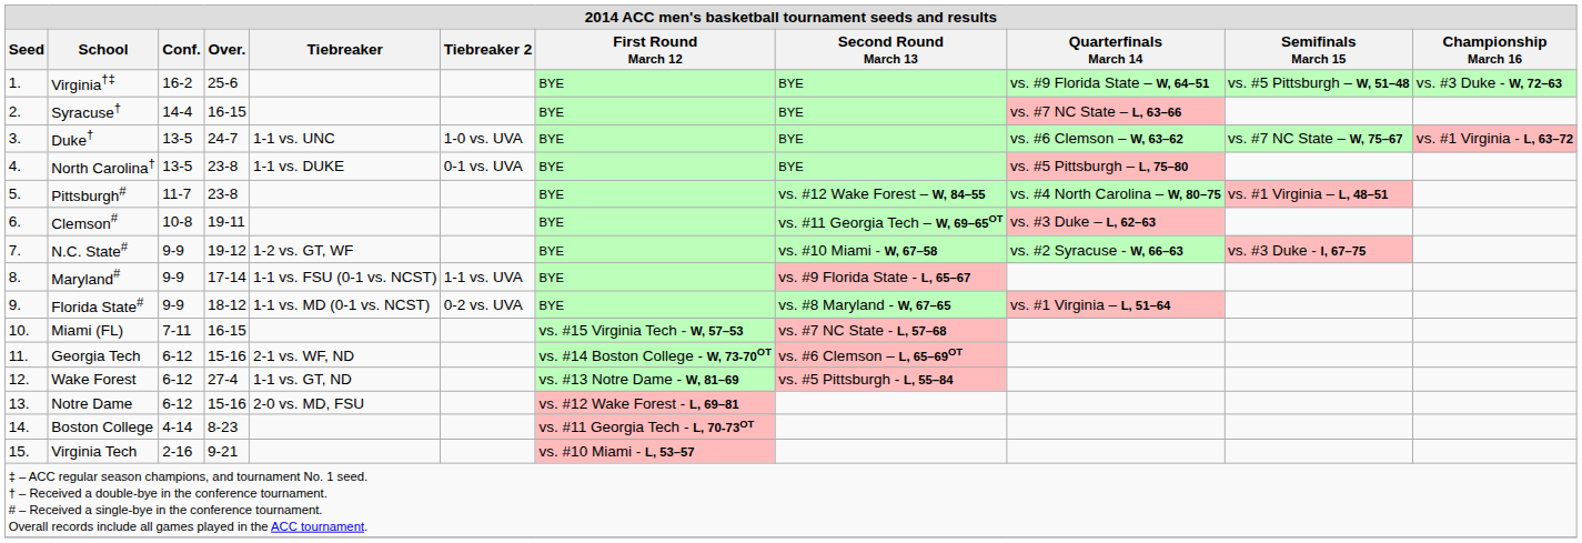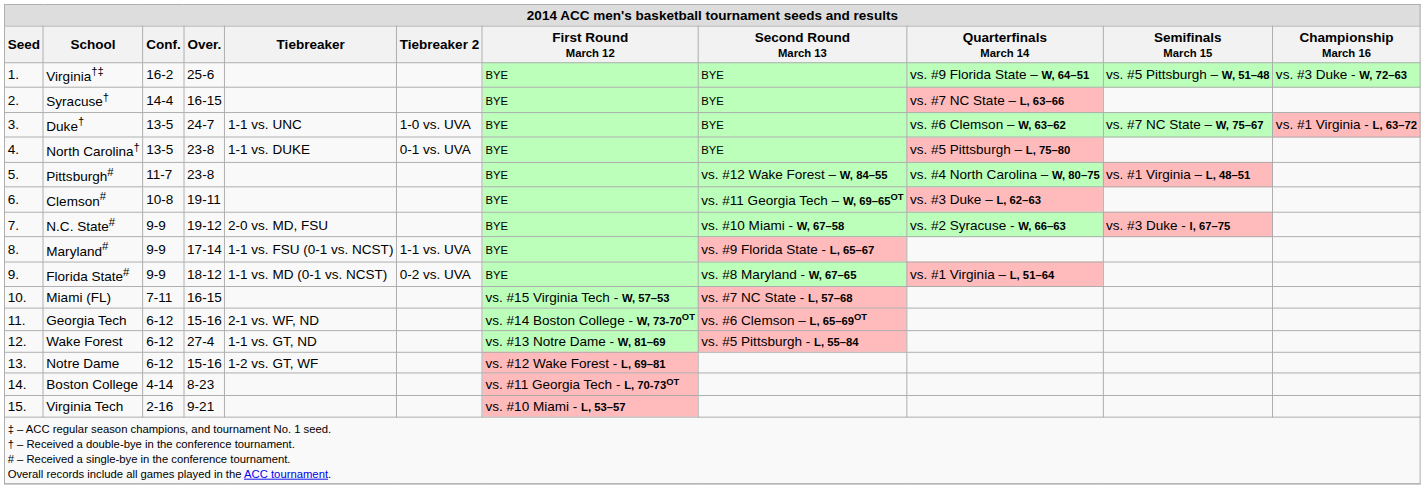 <table class="wikitable" style="white-space:nowrap; font-size:90%;">
 <tr>
 <td colspan="11" style="text-align:center; background:#DDDDDD; font:#000000"><strong>2014 ACC men's basketball tournament seeds and results</strong></td>
 </tr>
 <tr bgcolor="#efefef">
 <th>Seed</th>
 <th>School</th>
 <th>Conf.</th>
 <th>Over.</th>
 <th>Tiebreaker</th>
 <th>Tiebreaker 2</th>
 <th>First Round<br><small>March 12</small></th>
 <th>Second Round<br><small>March 13</small></th>
 <th>Quarterfinals<br><small>March 14</small></th>
 <th>Semifinals<br><small>March 15</small></th>
 <th>Championship<br><small>March 16</small></th>
 </tr>
 <tr>
 <td>1.</td>
 <td>Virginia<sup>†‡</sup></td>
 <td>16-2</td>
 <td>25-6</td>
 <td></td>
 <td></td>
 <td style="background:#bfb;"><small>BYE</small></td>
 <td style="background:#bfb;"><small>BYE</small></td>
 <td style="background:#bfb;">vs. #9 Florida State – <small><strong>W, 64–51</strong></small></td>
 <td style="background:#bfb;">vs. #5 Pittsburgh – <small><strong>W, 51–48</strong></small></td>
 <td style="background:#bfb;">vs. #3 Duke - <small><strong>W, 72–63</strong></small></td>
 </tr>
 <tr>
 <td>2.</td>
 <td>Syracuse<sup>†</sup></td>
 <td>14-4</td>
 <td>16-15</td>
 <td></td>
 <td></td>
 <td style="background:#bfb;"><small>BYE</small></td>
 <td style="background:#bfb;"><small>BYE</small></td>
 <td style="background:#fbb;">vs. #7 NC State – <small><strong>L, 63–66</strong></small></td>
 <td></td>
 <td></td>
 </tr>
 <tr>
 <td>3.</td>
 <td>Duke<sup>†</sup></td>
 <td>13-5</td>
 <td>24-7</td>
 <td>1-1 vs. UNC</td>
 <td>1-0 vs. UVA</td>
 <td style="background:#bfb;"><small>BYE</small></td>
 <td style="background:#bfb;"><small>BYE</small></td>
 <td style="background:#bfb;">vs. #6 Clemson – <small><strong>W, 63–62</strong></small></td>
 <td style="background:#bfb;">vs. #7 NC State – <small><strong>W, 75–67</strong></small></td>
 <td style="background:#fbb;">vs. #1 Virginia - <small><strong>L, 63–72</strong></small></td>
 </tr>
 <tr>
 <td>4.</td>
 <td>North Carolina<sup>†</sup></td>
 <td>13-5</td>
 <td>23-8</td>
 <td>1-1 vs. DUKE</td>
 <td>0-1 vs. UVA</td>
 <td style="background:#bfb;"><small>BYE</small></td>
 <td style="background:#bfb;"><small>BYE</small></td>
 <td style="background:#fbb;">vs. #5 Pittsburgh – <small><strong>L, 75–80</strong></small></td>
 <td></td>
 <td></td>
 </tr>
 <tr>
 <td>5.</td>
 <td>Pittsburgh<sup>#</sup></td>
 <td>11-7</td>
 <td>23-8</td>
 <td></td>
 <td></td>
 <td style="background:#bfb;"><small>BYE</small></td>
 <td style="background:#bfb;">vs. #12 Wake Forest – <small><strong>W, 84–55</strong></small></td>
 <td style="background:#bfb;">vs. #4 North Carolina – <small><strong>W, 80–75</strong></small></td>
 <td style="background:#fbb;">vs. #1 Virginia – <small><strong>L, 48–51</strong></small></td>
 <td></td>
 </tr>
 <tr>
 <td>6.</td>
 <td>Clemson<sup>#</sup></td>
 <td>10-8</td>
 <td>19-11</td>
 <td></td>
 <td></td>
 <td style="background:#bfb;"><small>BYE</small></td>
 <td style="background:#bfb;">vs. #11 Georgia Tech – <small><strong>W, 69–65<sup>OT</sup></strong></small></td>
 <td style="background:#fbb;">vs. #3 Duke – <small><strong>L, 62–63</strong></small></td>
 <td></td>
 <td></td>
 </tr>
 <tr>
 <td>7.</td>
 <td>N.C. State<sup>#</sup></td>
 <td>9-9</td>
 <td>19-12</td>
-<td>1-2 vs. GT, WF</td>
+<td>2-0 vs. MD, FSU</td>
 <td></td>
 <td style="background:#bfb;"><small>BYE</small></td>
 <td style="background:#bfb;">vs. #10 Miami - <strong><small>W, 67–58</small></strong></td>
 <td style="background:#bfb;">vs. #2 Syracuse - <strong><small>W, 66–63</small></strong></td>
 <td style="background:#fbb;">vs. #3 Duke - <strong><small>l, 67–75</small></strong></td>
 <td></td>
 </tr>
 <tr>
 <td>8.</td>
 <td>Maryland<sup>#</sup></td>
 <td>9-9</td>
 <td>17-14</td>
 <td>1-1 vs. FSU (0-1 vs. NCST)</td>
 <td>1-1 vs. UVA</td>
 <td style="background:#bfb;"><small>BYE</small></td>
 <td style="background:#fbb;">vs. #9 Florida State - <strong><small>L, 65–67</small></strong></td>
 <td></td>
 <td></td>
 <td></td>
 </tr>
 <tr>
 <td>9.</td>
 <td>Florida State<sup>#</sup></td>
 <td>9-9</td>
 <td>18-12</td>
 <td>1-1 vs. MD (0-1 vs. NCST)</td>
 <td>0-2 vs. UVA</td>
 <td style="background:#bfb;"><small>BYE</small></td>
 <td style="background:#bfb;">vs. #8 Maryland - <strong><small>W, 67–65</small></strong></td>
 <td style="background:#fbb;">vs. #1 Virginia – <strong><small>L, 51–64</small></strong></td>
 <td></td>
 <td></td>
 </tr>
 <tr>
 <td>10.</td>
 <td>Miami (FL)</td>
 <td>7-11</td>
 <td>16-15</td>
 <td></td>
 <td></td>
 <td style="background:#bfb;">vs. #15 Virginia Tech - <strong><small>W, 57–53</small></strong></td>
 <td style="background:#fbb;">vs. #7 NC State - <strong><small>L, 57–68</small></strong></td>
 <td></td>
 <td></td>
 <td></td>
 </tr>
 <tr>
 <td>11.</td>
 <td>Georgia Tech</td>
 <td>6-12</td>
 <td>15-16</td>
 <td>2-1 vs. WF, ND</td>
 <td></td>
 <td style="background:#bfb;">vs. #14 Boston College - <strong><small>W, 73-70<sup>OT</sup></small></strong></td>
 <td style="background:#fbb;">vs. #6 Clemson – <small><strong>L, 65–69<sup>OT</sup></strong></small></td>
 <td></td>
 <td></td>
 <td></td>
 </tr>
 <tr>
 <td>12.</td>
 <td>Wake Forest</td>
 <td>6-12</td>
 <td>27-4</td>
 <td>1-1 vs. GT, ND</td>
 <td></td>
 <td style="background:#bfb;">vs. #13 Notre Dame - <strong><small>W, 81–69</small></strong></td>
 <td style="background:#fbb;">vs. #5 Pittsburgh - <strong><small>L, 55–84</small></strong></td>
 <td></td>
 <td></td>
 <td></td>
 </tr>
 <tr>
 <td>13.</td>
 <td>Notre Dame</td>
 <td>6-12</td>
 <td>15-16</td>
-<td>2-0 vs. MD, FSU</td>
+<td>1-2 vs. GT, WF</td>
 <td></td>
 <td style="background:#fbb;">vs. #12 Wake Forest - <strong><small>L, 69–81</small></strong></td>
 <td></td>
 <td></td>
 <td></td>
 <td></td>
 </tr>
 <tr>
 <td>14.</td>
 <td>Boston College</td>
 <td>4-14</td>
 <td>8-23</td>
 <td></td>
 <td></td>
 <td style="background:#fbb;">vs. #11 Georgia Tech - <strong><small>L, 70-73<sup>OT</sup></small></strong></td>
 <td></td>
 <td></td>
 <td></td>
 <td></td>
 </tr>
 <tr>
 <td>15.</td>
 <td>Virginia Tech</td>
 <td>2-16</td>
 <td>9-21</td>
 <td></td>
 <td></td>
 <td style="background:#fbb;">vs. #10 Miami - <strong><small>L, 53–57</small></strong></td>
 <td></td>
 <td></td>
 <td></td>
 <td></td>
 </tr>
 <tr>
 <td colspan="11" style="text-align:left;"><small>‡ – ACC regular season champions, and tournament No. 1 seed.<br>† – Received a double-bye in the conference tournament.<br># – Received a single-bye in the conference tournament.<br>Overall records include all games played in the <a href='#'>ACC tournament</a>.</small></td>
 </tr>
 <tr>
 </tr>
 </table>
